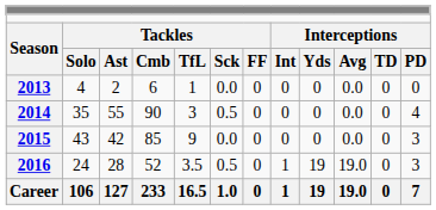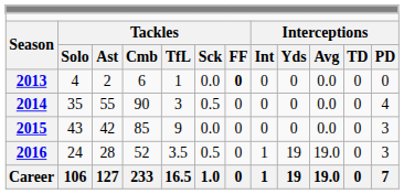 <table class=wikitable style="text-align:center;">
 <tr>
 <td ! colspan="15" style="background:gray; border:2px solid silver; color:white;"></td>
 </tr>
 <tr>
 <td ! colspan="15"></td>
 </tr>
 <tr>
 <th rowspan="2">Season</th>
 <th colspan="6">Tackles</th>
 <th colspan="5">Interceptions</th>
 </tr>
 <tr>
 <th>Solo</th>
 <th>Ast</th>
 <th>Cmb</th>
 <th>TfL</th>
 <th>Sck</th>
 <th>FF</th>
 <th>Int</th>
 <th>Yds</th>
 <th>Avg</th>
 <th>TD</th>
 <th>PD</th>
 </tr>
 <tr>
 <th><a href='#'>2013</a></th>
 <td>4</td>
 <td>2</td>
 <td>6</td>
 <td>1</td>
 <td>0.0</td>
-<td>0</td>
+<td><strong>0</strong></td>
 <td>0</td>
 <td>0</td>
 <td>0.0</td>
 <td>0</td>
 <td>0</td>
 </tr>
 <tr>
 <th><a href='#'>2014</a></th>
 <td>35</td>
 <td>55</td>
 <td>90</td>
 <td>3</td>
 <td>0.5</td>
 <td>0</td>
 <td>0</td>
 <td>0</td>
 <td>0.0</td>
 <td>0</td>
 <td>4</td>
 </tr>
 <tr>
 <th><a href='#'>2015</a></th>
 <td>43</td>
 <td>42</td>
 <td>85</td>
 <td>9</td>
 <td>0.0</td>
 <td>0</td>
 <td>0</td>
 <td>0</td>
 <td>0.0</td>
 <td>0</td>
 <td>3</td>
 </tr>
 <tr>
 <th><a href='#'>2016</a></th>
 <td>24</td>
 <td>28</td>
 <td>52</td>
 <td>3.5</td>
 <td>0.5</td>
 <td>0</td>
 <td>1</td>
 <td>19</td>
 <td>19.0</td>
 <td>0</td>
 <td>3</td>
 </tr>
 <tr>
 <th>Career</th>
 <th>106</th>
 <th>127</th>
 <th>233</th>
 <th>16.5</th>
 <th>1.0</th>
 <th>0</th>
 <th>1</th>
 <th>19</th>
 <th>19.0</th>
 <th>0</th>
 <th>7</th>
 </tr>
 </table>
